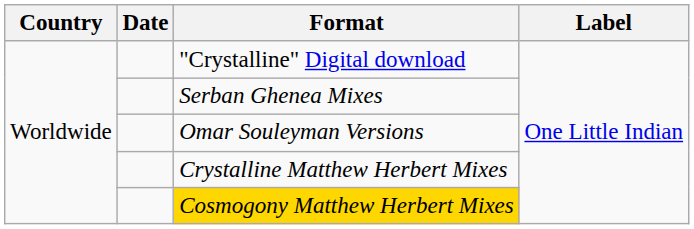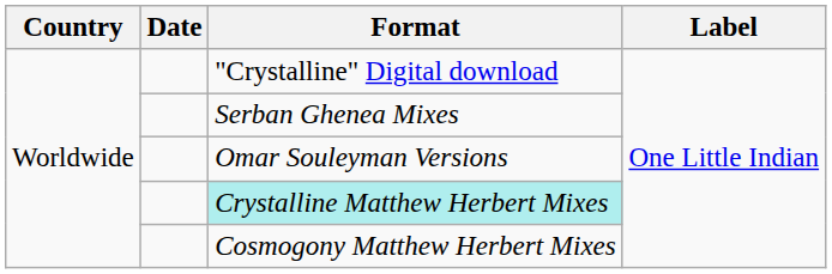 <table class="wikitable">
 <tr>
 <th>Country</th>
 <th>Date</th>
 <th>Format</th>
 <th>Label</th>
 </tr>
 <tr>
 <td rowspan="5">Worldwide</td>
 <td></td>
 <td>"Crystalline" <a href='#'>Digital download</a></td>
 <td rowspan="5"><a href='#'>One Little Indian</a></td>
 </tr>
 <tr>
 <td></td>
 <td><em>Serban Ghenea Mixes</em> </td>
 </tr>
 <tr>
 <td></td>
 <td><em>Omar Souleyman Versions</em> </td>
 </tr>
 <tr>
 <td></td>
-<td><em>Crystalline Matthew Herbert Mixes</em> </td>
+<td style="background: paleturquoise;"><em>Crystalline Matthew Herbert Mixes</em> </td>
 </tr>
 <tr>
 <td></td>
-<td style="background: gold;"><em>Cosmogony Matthew Herbert Mixes</em> </td>
+<td><em>Cosmogony Matthew Herbert Mixes</em> </td>
 </tr>
 </table>
